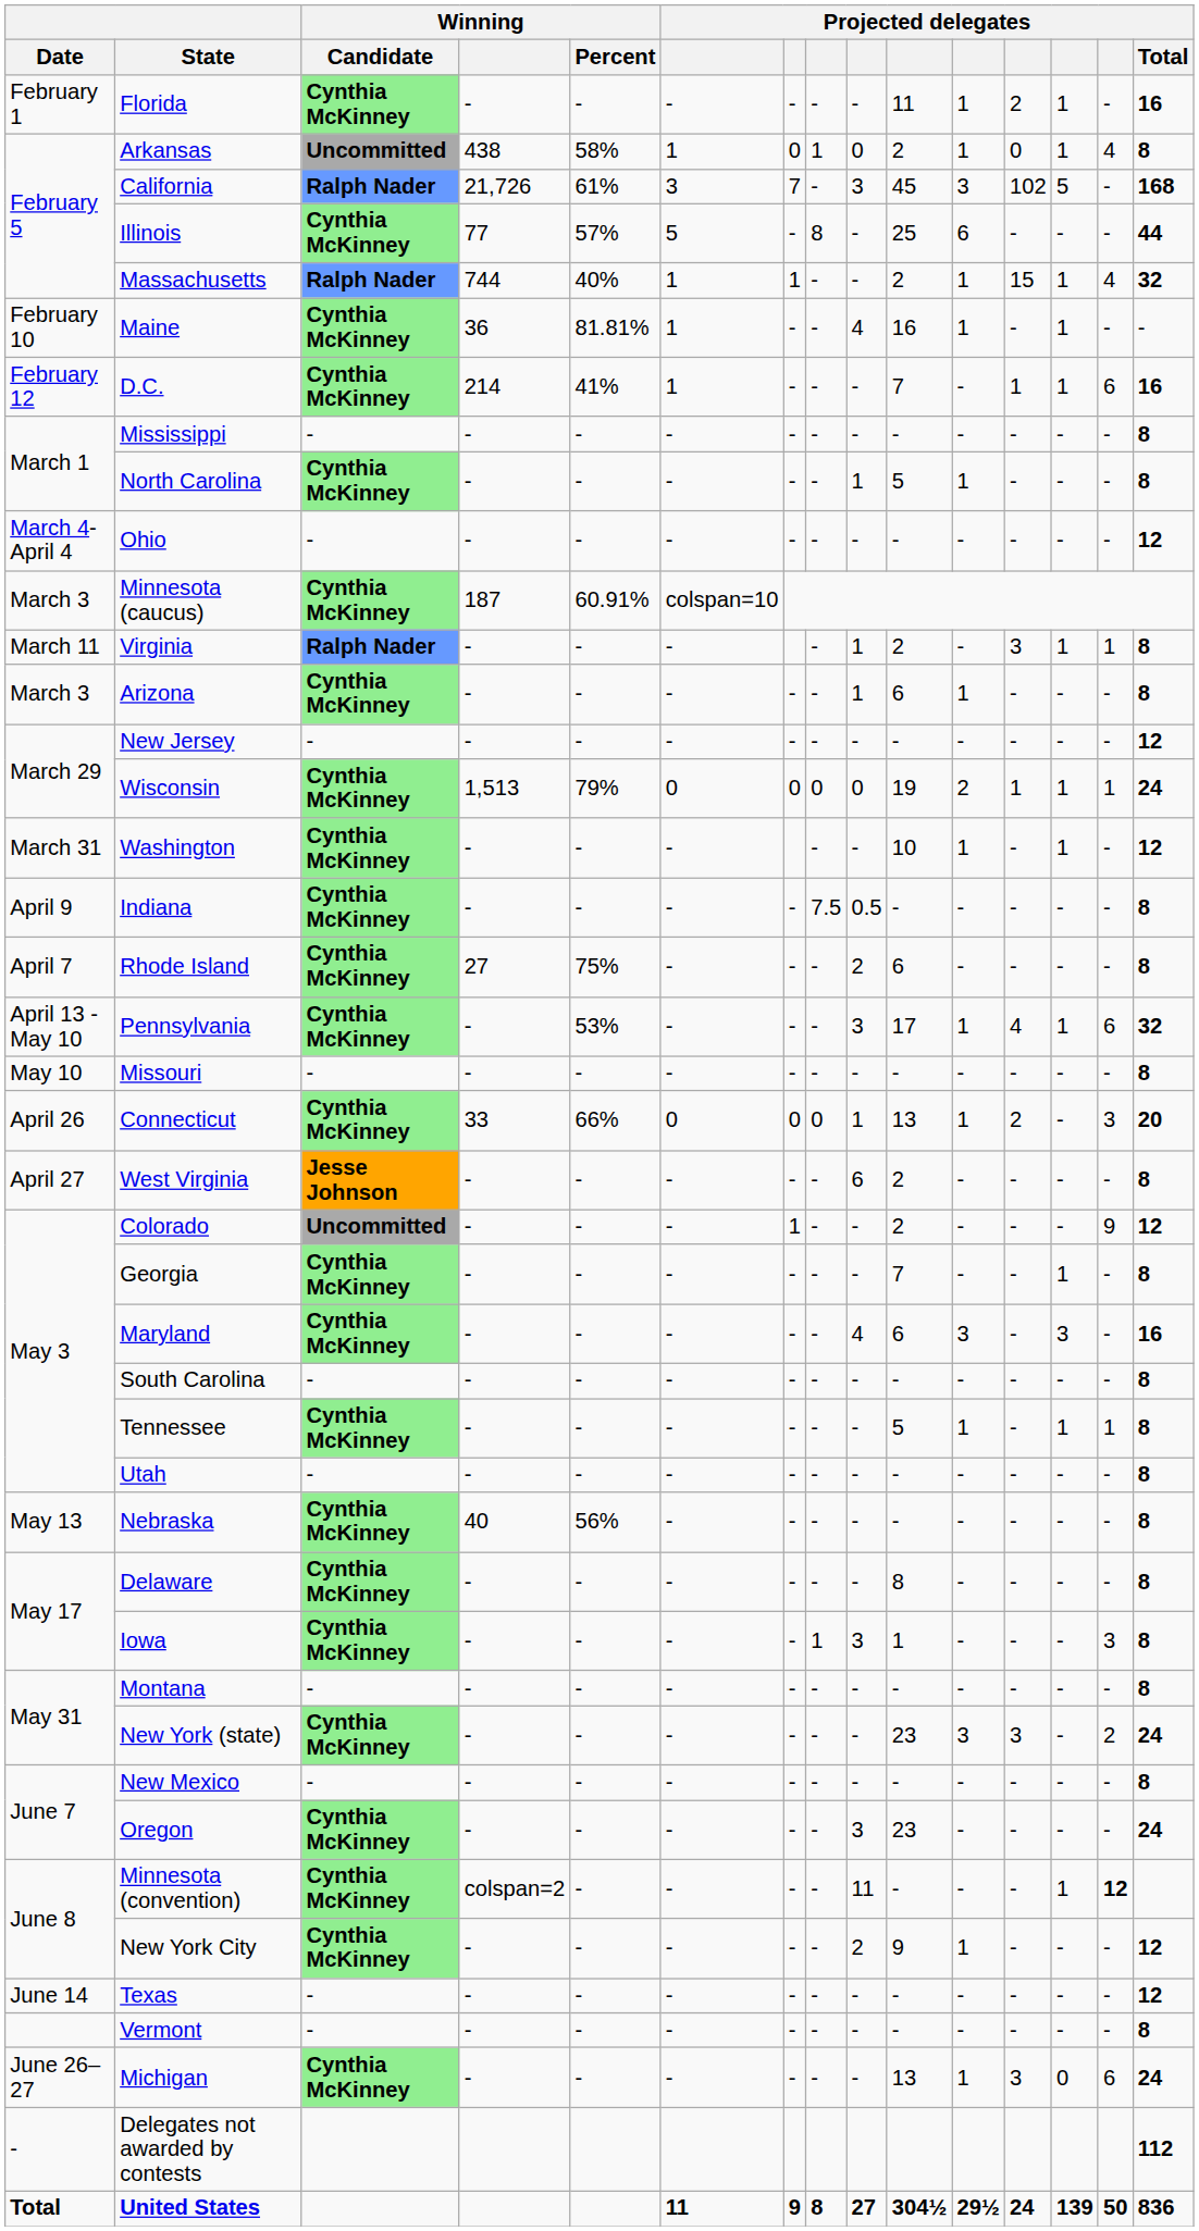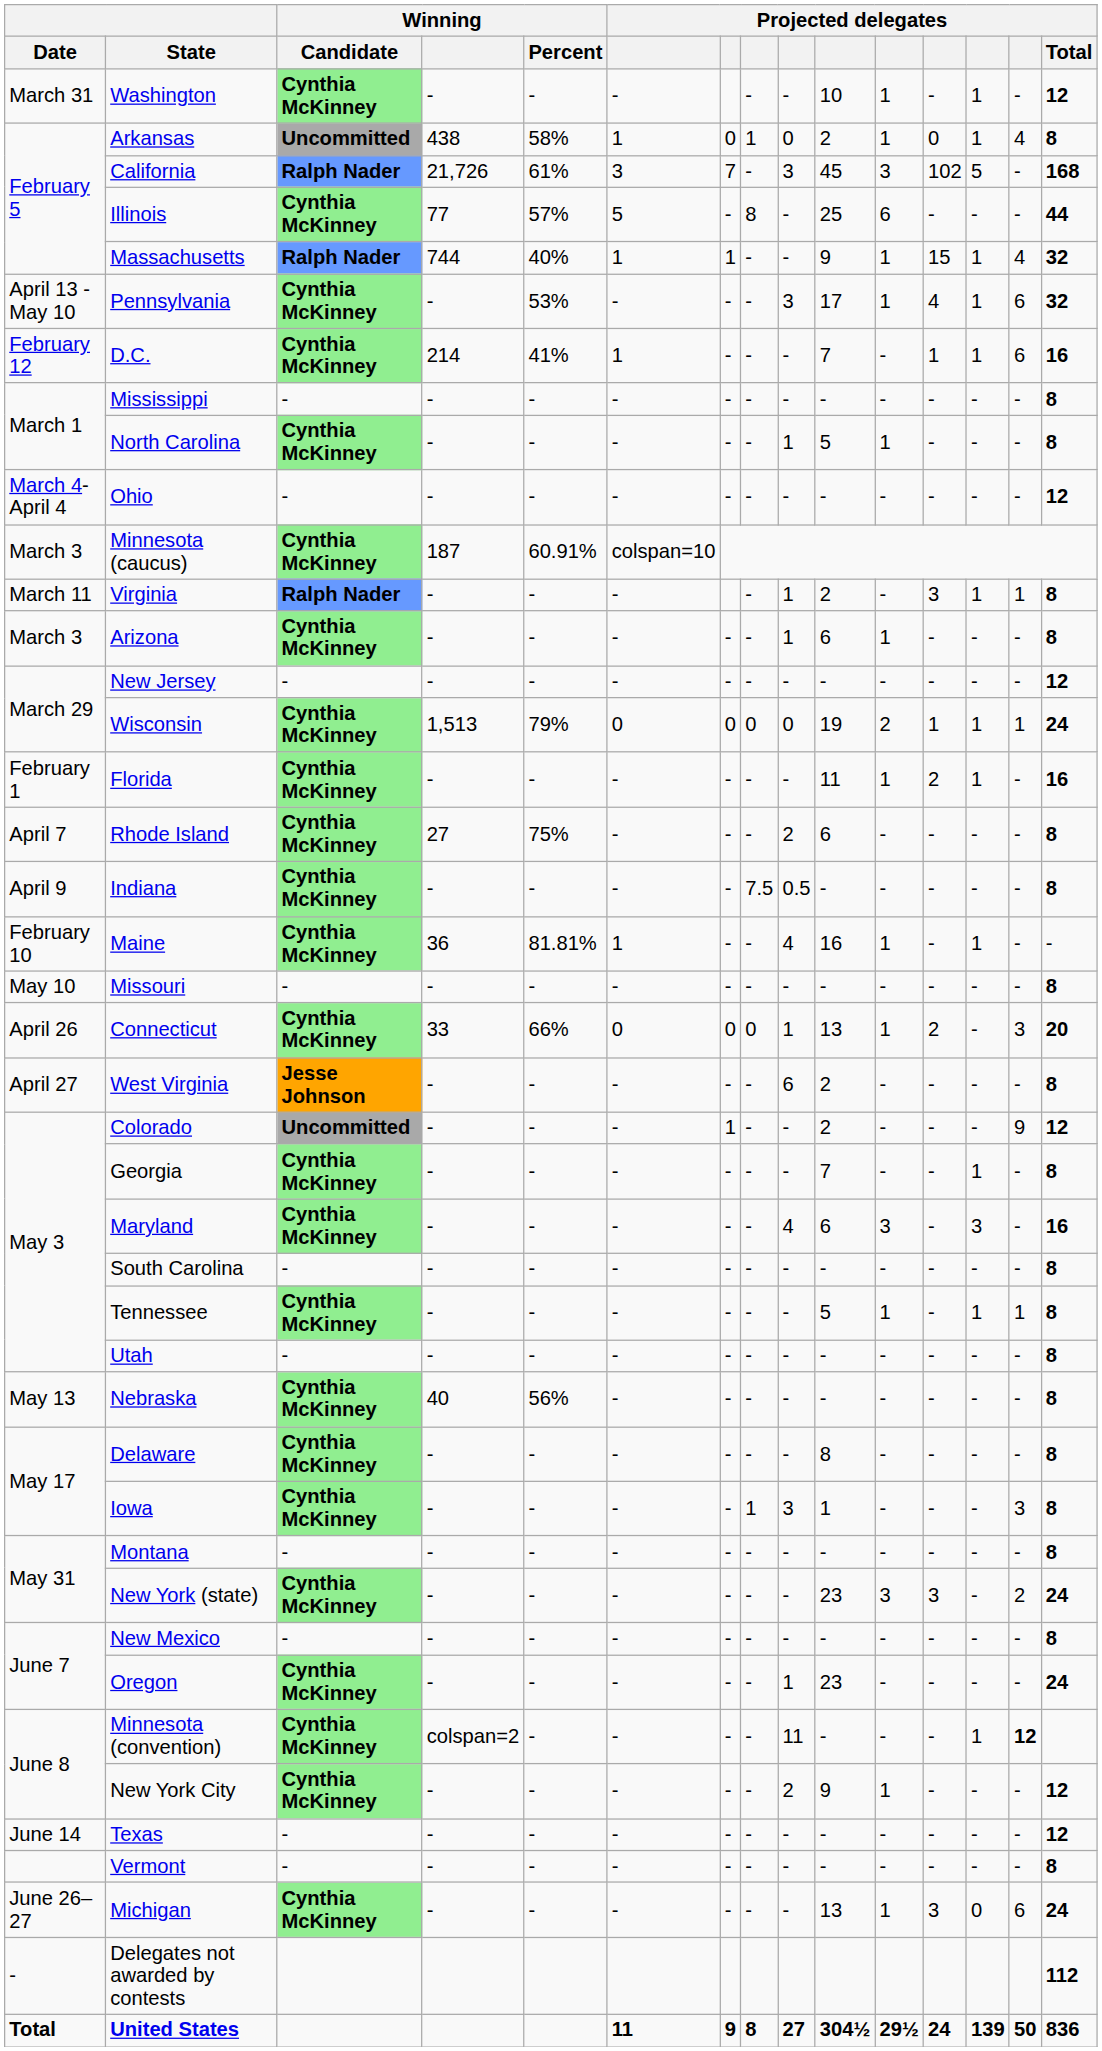 <table class="wikitable">
 <tr>
 <th colspan="2"></th>
 <th colspan="3">Winning</th>
 <th colspan="10">Projected delegates</th>
 </tr>
 <tr>
 <th>Date</th>
 <th>State</th>
 <th>Candidate</th>
 <th></th>
 <th>Percent</th>
 <th></th>
 <th></th>
 <th></th>
 <th></th>
 <th></th>
 <th></th>
 <th></th>
 <th></th>
 <th></th>
 <th>Total</th>
 </tr>
 <tr>
-<td>February 1</td>
-<td><a href='#'>Florida</a></td>
-<td style= "background:lightgreen;"><strong>Cynthia McKinney</strong></td>
+<td>March 31</td>
+<td><a href='#'>Washington</a></td>
+<td style="background:lightgreen;"><strong>Cynthia McKinney</strong></td>
 <td>-</td>
 <td>-</td>
 <td>-</td>
+<td></td>
 <td>-</td>
 <td>-</td>
-<td>-</td>
-<td>11</td>
-<td>1</td>
-<td>2</td>
+<td>10</td>
 <td>1</td>
 <td>-</td>
-<td><strong>16</strong></td>
+<td>1</td>
+<td>-</td>
+<td><strong>12</strong></td>
 </tr>
 <tr>
 <td rowspan= 4><a href='#'>February 5</a></td>
 <td><a href='#'>Arkansas</a></td>
 <td style= "background:#a9a9a9;"><strong>Uncommitted</strong></td>
 <td>438</td>
 <td>58%</td>
 <td>1</td>
 <td>0</td>
 <td>1</td>
 <td>0</td>
 <td>2</td>
 <td>1</td>
 <td>0</td>
 <td>1</td>
 <td>4</td>
 <td><strong>8</strong></td>
 </tr>
 <tr>
 <td><a href='#'>California</a></td>
 <td style= "background:#69f;"><strong>Ralph Nader</strong></td>
 <td>21,726</td>
 <td>61%</td>
 <td>3</td>
 <td>7</td>
 <td>-</td>
 <td>3</td>
 <td>45</td>
 <td>3</td>
 <td>102</td>
 <td>5</td>
 <td>-</td>
 <td><strong>168</strong></td>
 </tr>
 <tr>
 <td><a href='#'>Illinois</a></td>
 <td style= "background:lightgreen;"><strong>Cynthia McKinney</strong></td>
 <td>77</td>
 <td>57%</td>
 <td>5</td>
 <td>-</td>
 <td>8</td>
 <td>-</td>
 <td>25</td>
 <td>6</td>
 <td>-</td>
 <td>-</td>
 <td>-</td>
 <td><strong>44</strong></td>
 </tr>
 <tr>
 <td><a href='#'>Massachusetts</a></td>
 <td style= "background:#69f;"><strong>Ralph Nader</strong></td>
 <td>744</td>
 <td>40%</td>
 <td>1</td>
 <td>1</td>
 <td>-</td>
 <td>-</td>
-<td>2</td>
+<td>9</td>
 <td>1</td>
 <td>15</td>
 <td>1</td>
 <td>4</td>
 <td><strong>32</strong></td>
 </tr>
 <tr>
-<td>February 10</td>
-<td><a href='#'>Maine</a></td>
+<td>April 13 - May 10</td>
+<td><a href='#'>Pennsylvania</a></td>
 <td style= "background:lightgreen;"><strong>Cynthia McKinney</strong></td>
-<td>36</td>
-<td>81.81%</td>
-<td>1</td>
+<td>-</td>
+<td>53%</td>
 <td>-</td>
 <td>-</td>
+<td>-</td>
+<td>3</td>
+<td>17</td>
+<td>1</td>
 <td>4</td>
-<td>16</td>
 <td>1</td>
-<td>-</td>
-<td>1</td>
-<td>-</td>
-<td>-</td>
+<td>6</td>
+<td><strong>32</strong></td>
 </tr>
 <tr>
 <td><a href='#'>February 12</a></td>
 <td><a href='#'>D.C.</a></td>
 <td style= "background:lightgreen;"><strong>Cynthia McKinney</strong></td>
 <td>214</td>
 <td>41%</td>
 <td>1</td>
 <td>-</td>
 <td>-</td>
 <td>-</td>
 <td>7</td>
 <td>-</td>
 <td>1</td>
 <td>1</td>
 <td>6</td>
 <td><strong>16</strong></td>
 </tr>
 <tr>
 <td rowspan=2>March 1</td>
 <td><a href='#'>Mississippi</a></td>
 <td>-</td>
 <td>-</td>
 <td>-</td>
 <td>-</td>
 <td>-</td>
 <td>-</td>
 <td>-</td>
 <td>-</td>
 <td>-</td>
 <td>-</td>
 <td>-</td>
 <td>-</td>
 <td><strong>8</strong></td>
 </tr>
 <tr>
 <td><a href='#'>North Carolina</a></td>
 <td style="background:lightgreen"><strong>Cynthia McKinney</strong></td>
 <td>-</td>
 <td>-</td>
 <td>-</td>
 <td>-</td>
 <td>-</td>
 <td>1</td>
 <td>5</td>
 <td>1</td>
 <td>-</td>
 <td>-</td>
 <td>-</td>
 <td><strong>8</strong></td>
 </tr>
 <tr>
 <td><a href='#'>March 4</a>-April 4</td>
 <td><a href='#'>Ohio</a></td>
 <td>-</td>
 <td>-</td>
 <td>-</td>
 <td>-</td>
 <td>-</td>
 <td>-</td>
 <td>-</td>
 <td>-</td>
 <td>-</td>
 <td>-</td>
 <td>-</td>
 <td>-</td>
 <td><strong>12</strong></td>
 </tr>
 <tr>
 <td>March 3</td>
 <td><a href='#'>Minnesota</a> (caucus)</td>
 <td style= "background:lightgreen;"><strong>Cynthia McKinney</strong></td>
 <td>187</td>
 <td>60.91%</td>
 <td>colspan=10 </td>
 </tr>
 <tr>
 <td>March 11</td>
 <td><a href='#'>Virginia</a></td>
 <td style="background:#69f"><strong>Ralph Nader</strong></td>
 <td>-</td>
 <td>-</td>
 <td>-</td>
 <td></td>
 <td>-</td>
 <td>1</td>
 <td>2</td>
 <td>-</td>
 <td>3</td>
 <td>1</td>
 <td>1</td>
 <td><strong>8</strong></td>
 </tr>
 <tr>
 <td>March 3</td>
 <td><a href='#'>Arizona</a></td>
 <td style="background:lightgreen;"><strong>Cynthia McKinney</strong></td>
 <td>-</td>
 <td>-</td>
 <td>-</td>
 <td>-</td>
 <td>-</td>
 <td>1</td>
 <td>6</td>
 <td>1</td>
 <td>-</td>
 <td>-</td>
 <td>-</td>
 <td><strong>8</strong></td>
 </tr>
 <tr>
 <td rowspan=2>March 29</td>
 <td><a href='#'>New Jersey</a></td>
 <td>-</td>
 <td>-</td>
 <td>-</td>
 <td>-</td>
 <td>-</td>
 <td>-</td>
 <td>-</td>
 <td>-</td>
 <td>-</td>
 <td>-</td>
 <td>-</td>
 <td>-</td>
 <td><strong>12</strong></td>
 </tr>
 <tr>
 <td><a href='#'>Wisconsin</a></td>
 <td style= "background:lightgreen;"><strong>Cynthia McKinney</strong></td>
 <td>1,513</td>
 <td>79%</td>
 <td>0</td>
 <td>0</td>
 <td>0</td>
 <td>0</td>
 <td>19</td>
 <td>2</td>
 <td>1</td>
 <td>1</td>
 <td>1</td>
 <td><strong>24</strong></td>
 </tr>
 <tr>
-<td>March 31</td>
-<td><a href='#'>Washington</a></td>
-<td style="background:lightgreen;"><strong>Cynthia McKinney</strong></td>
+<td>February 1</td>
+<td><a href='#'>Florida</a></td>
+<td style= "background:lightgreen;"><strong>Cynthia McKinney</strong></td>
 <td>-</td>
 <td>-</td>
 <td>-</td>
-<td></td>
 <td>-</td>
 <td>-</td>
-<td>10</td>
+<td>-</td>
+<td>11</td>
+<td>1</td>
+<td>2</td>
 <td>1</td>
 <td>-</td>
-<td>1</td>
+<td><strong>16</strong></td>
+</tr>
+<tr>
+<td>April 7</td>
+<td><a href='#'>Rhode Island</a></td>
+<td style= "background:lightgreen;"><strong>Cynthia McKinney</strong></td>
+<td>27</td>
+<td>75%</td>
 <td>-</td>
-<td><strong>12</strong></td>
+<td>-</td>
+<td>-</td>
+<td>2</td>
+<td>6</td>
+<td>-</td>
+<td>-</td>
+<td>-</td>
+<td>-</td>
+<td><strong>8</strong></td>
 </tr>
 <tr>
 <td>April 9</td>
 <td><a href='#'>Indiana</a></td>
 <td style= "background:lightgreen;"><strong>Cynthia McKinney</strong></td>
 <td>-</td>
 <td>-</td>
 <td>-</td>
 <td>-</td>
 <td>7.5</td>
 <td>0.5</td>
 <td>-</td>
 <td>-</td>
 <td>-</td>
 <td>-</td>
 <td>-</td>
 <td><strong>8</strong></td>
 </tr>
 <tr>
-<td>April 7</td>
-<td><a href='#'>Rhode Island</a></td>
+<td>February 10</td>
+<td><a href='#'>Maine</a></td>
 <td style= "background:lightgreen;"><strong>Cynthia McKinney</strong></td>
-<td>27</td>
-<td>75%</td>
+<td>36</td>
+<td>81.81%</td>
+<td>1</td>
 <td>-</td>
 <td>-</td>
+<td>4</td>
+<td>16</td>
+<td>1</td>
 <td>-</td>
-<td>2</td>
-<td>6</td>
+<td>1</td>
 <td>-</td>
 <td>-</td>
-<td>-</td>
-<td>-</td>
-<td><strong>8</strong></td>
-</tr>
-<tr>
-<td>April 13 - May 10</td>
-<td><a href='#'>Pennsylvania</a></td>
-<td style= "background:lightgreen;"><strong>Cynthia McKinney</strong></td>
-<td>-</td>
-<td>53%</td>
-<td>-</td>
-<td>-</td>
-<td>-</td>
-<td>3</td>
-<td>17</td>
-<td>1</td>
-<td>4</td>
-<td>1</td>
-<td>6</td>
-<td><strong>32</strong></td>
 </tr>
 <tr>
 <td>May 10</td>
 <td><a href='#'>Missouri</a></td>
 <td>-</td>
 <td>-</td>
 <td>-</td>
 <td>-</td>
 <td>-</td>
 <td>-</td>
 <td>-</td>
 <td>-</td>
 <td>-</td>
 <td>-</td>
 <td>-</td>
 <td>-</td>
 <td><strong>8</strong></td>
 </tr>
 <tr>
 <td>April 26</td>
 <td><a href='#'>Connecticut</a></td>
 <td style= "background:lightgreen;"><strong>Cynthia McKinney</strong></td>
 <td>33</td>
 <td>66%</td>
 <td>0</td>
 <td>0</td>
 <td>0</td>
 <td>1</td>
 <td>13</td>
 <td>1</td>
 <td>2</td>
 <td>-</td>
 <td>3</td>
 <td><strong>20</strong></td>
 </tr>
 <tr>
 <td>April 27</td>
 <td><a href='#'>West Virginia</a></td>
 <td style="background:Orange;"><strong>Jesse Johnson</strong></td>
 <td>-</td>
 <td>-</td>
 <td>-</td>
 <td>-</td>
 <td>-</td>
 <td>6</td>
 <td>2</td>
 <td>-</td>
 <td>-</td>
 <td>-</td>
 <td>-</td>
 <td><strong>8</strong></td>
 </tr>
 <tr>
 <td rowspan=6>May 3</td>
 <td><a href='#'>Colorado</a></td>
 <td style= "background:#a9a9a9;"><strong>Uncommitted</strong></td>
 <td>-</td>
 <td>-</td>
 <td>-</td>
 <td>1</td>
 <td>-</td>
 <td>-</td>
 <td>2</td>
 <td>-</td>
 <td>-</td>
 <td>-</td>
 <td>9</td>
 <td><strong>12</strong></td>
 </tr>
 <tr>
 <td>Georgia</td>
 <td style= "background:lightgreen;"><strong>Cynthia McKinney</strong></td>
 <td>-</td>
 <td>-</td>
 <td>-</td>
 <td>-</td>
 <td>-</td>
 <td>-</td>
 <td>7</td>
 <td>-</td>
 <td>-</td>
 <td>1</td>
 <td>-</td>
 <td><strong>8</strong></td>
 </tr>
 <tr>
 <td><a href='#'>Maryland</a></td>
 <td style="background:lightgreen"><strong>Cynthia McKinney</strong></td>
 <td>-</td>
 <td>-</td>
 <td>-</td>
 <td>-</td>
 <td>-</td>
 <td>4</td>
 <td>6</td>
 <td>3</td>
 <td>-</td>
 <td>3</td>
 <td>-</td>
 <td><strong>16</strong></td>
 </tr>
 <tr>
 <td>South Carolina</td>
 <td>-</td>
 <td>-</td>
 <td>-</td>
 <td>-</td>
 <td>-</td>
 <td>-</td>
 <td>-</td>
 <td>-</td>
 <td>-</td>
 <td>-</td>
 <td>-</td>
 <td>-</td>
 <td><strong>8</strong></td>
 </tr>
 <tr>
 <td>Tennessee</td>
 <td style= "background:lightgreen;"><strong>Cynthia McKinney</strong></td>
 <td>-</td>
 <td>-</td>
 <td>-</td>
 <td>-</td>
 <td>-</td>
 <td>-</td>
 <td>5</td>
 <td>1</td>
 <td>-</td>
 <td>1</td>
 <td>1</td>
 <td><strong>8</strong></td>
 </tr>
 <tr>
 <td><a href='#'>Utah</a></td>
 <td>-</td>
 <td>-</td>
 <td>-</td>
 <td>-</td>
 <td>-</td>
 <td>-</td>
 <td>-</td>
 <td>-</td>
 <td>-</td>
 <td>-</td>
 <td>-</td>
 <td>-</td>
 <td><strong>8</strong></td>
 </tr>
 <tr>
 <td>May 13</td>
 <td><a href='#'>Nebraska</a></td>
 <td style= "background:lightgreen;"><strong>Cynthia McKinney</strong></td>
 <td>40</td>
 <td>56%</td>
 <td>-</td>
 <td>-</td>
 <td>-</td>
 <td>-</td>
 <td>-</td>
 <td>-</td>
 <td>-</td>
 <td>-</td>
 <td>-</td>
 <td><strong>8</strong></td>
 </tr>
 <tr>
 <td rowspan=2>May 17</td>
 <td><a href='#'>Delaware</a></td>
 <td style= "background:lightgreen;"><strong>Cynthia McKinney</strong></td>
 <td>-</td>
 <td>-</td>
 <td>-</td>
 <td>-</td>
 <td>-</td>
 <td>-</td>
 <td>8</td>
 <td>-</td>
 <td>-</td>
 <td>-</td>
 <td>-</td>
 <td><strong>8</strong></td>
 </tr>
 <tr>
 <td><a href='#'>Iowa</a></td>
 <td style= "background:lightgreen;"><strong>Cynthia McKinney</strong></td>
 <td>-</td>
 <td>-</td>
 <td>-</td>
 <td>-</td>
 <td>1</td>
 <td>3</td>
 <td>1</td>
 <td>-</td>
 <td>-</td>
 <td>-</td>
 <td>3</td>
 <td><strong>8</strong></td>
 </tr>
 <tr>
 <td rowspan=2>May 31</td>
 <td><a href='#'>Montana</a></td>
 <td>-</td>
 <td>-</td>
 <td>-</td>
 <td>-</td>
 <td>-</td>
 <td>-</td>
 <td>-</td>
 <td>-</td>
 <td>-</td>
 <td>-</td>
 <td>-</td>
 <td>-</td>
 <td><strong>8</strong></td>
 </tr>
 <tr>
 <td><a href='#'>New York</a> (state)</td>
 <td style= "background:lightgreen;"><strong>Cynthia McKinney</strong></td>
 <td>-</td>
 <td>-</td>
 <td>-</td>
 <td>-</td>
 <td>-</td>
 <td>-</td>
 <td>23</td>
 <td>3</td>
 <td>3</td>
 <td>-</td>
 <td>2</td>
 <td><strong>24</strong></td>
 </tr>
 <tr>
 <td rowspan=2>June 7</td>
 <td><a href='#'>New Mexico</a></td>
 <td>-</td>
 <td>-</td>
 <td>-</td>
 <td>-</td>
 <td>-</td>
 <td>-</td>
 <td>-</td>
 <td>-</td>
 <td>-</td>
 <td>-</td>
 <td>-</td>
 <td>-</td>
 <td><strong>8</strong></td>
 </tr>
 <tr>
 <td><a href='#'>Oregon</a></td>
 <td style= "background:lightgreen;"><strong>Cynthia McKinney</strong></td>
 <td>-</td>
 <td>-</td>
 <td>-</td>
 <td>-</td>
 <td>-</td>
-<td>3</td>
+<td>1</td>
 <td>23</td>
 <td>-</td>
 <td>-</td>
 <td>-</td>
 <td>-</td>
 <td><strong>24</strong></td>
 </tr>
 <tr>
 <td rowspan=2>June 8</td>
 <td><a href='#'>Minnesota</a> (convention)</td>
 <td style= "background:lightgreen;"><strong>Cynthia McKinney</strong></td>
 <td>colspan=2 </td>
 <td>-</td>
 <td>-</td>
 <td>-</td>
 <td>-</td>
 <td>11</td>
 <td>-</td>
 <td>-</td>
 <td>-</td>
 <td>1</td>
 <td><strong>12</strong></td>
 </tr>
 <tr>
 <td>New York City</td>
 <td style= "background:lightgreen;"><strong>Cynthia McKinney</strong></td>
 <td>-</td>
 <td>-</td>
 <td>-</td>
 <td>-</td>
 <td>-</td>
 <td>2</td>
 <td>9</td>
 <td>1</td>
 <td>-</td>
 <td>-</td>
 <td>-</td>
 <td><strong>12</strong></td>
 </tr>
 <tr>
 <td>June 14</td>
 <td><a href='#'>Texas</a></td>
 <td>-</td>
 <td>-</td>
 <td>-</td>
 <td>-</td>
 <td>-</td>
 <td>-</td>
 <td>-</td>
 <td>-</td>
 <td>-</td>
 <td>-</td>
 <td>-</td>
 <td>-</td>
 <td><strong>12</strong></td>
 </tr>
 <tr>
 <td></td>
 <td><a href='#'>Vermont</a></td>
 <td>-</td>
 <td>-</td>
 <td>-</td>
 <td>-</td>
 <td>-</td>
 <td>-</td>
 <td>-</td>
 <td>-</td>
 <td>-</td>
 <td>-</td>
 <td>-</td>
 <td>-</td>
 <td><strong>8</strong></td>
 </tr>
 <tr>
 <td>June 26–27</td>
 <td><a href='#'>Michigan</a></td>
 <td style= "background:lightgreen;"><strong>Cynthia McKinney</strong></td>
 <td>-</td>
 <td>-</td>
 <td>-</td>
 <td>-</td>
 <td>-</td>
 <td>-</td>
 <td>13</td>
 <td>1</td>
 <td>3</td>
 <td>0</td>
 <td>6</td>
 <td><strong>24</strong></td>
 </tr>
 <tr>
 <td>-</td>
 <td>Delegates not awarded by contests</td>
 <td></td>
 <td></td>
 <td></td>
 <td></td>
 <td></td>
 <td></td>
 <td></td>
 <td></td>
 <td></td>
 <td></td>
 <td></td>
 <td></td>
 <td><strong>112</strong></td>
 </tr>
 <tr>
 <td><strong>Total</strong></td>
 <td><strong><a href='#'>United States</a></strong></td>
 <td></td>
 <td></td>
 <td></td>
 <td><strong>11</strong></td>
 <td><strong>9</strong></td>
 <td><strong>8</strong></td>
 <td><strong>27</strong></td>
 <td><strong>304½</strong></td>
 <td><strong>29½</strong></td>
 <td><strong>24</strong></td>
 <td><strong>139</strong></td>
 <td><strong>50</strong></td>
 <td><strong>836</strong></td>
 </tr>
 </table>
